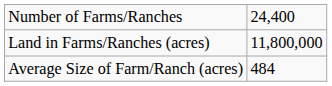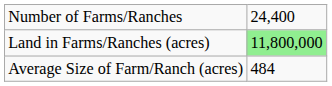 <table class="wikitable">
 <tr>
 <td>Number of Farms/Ranches</td>
 <td>24,400</td>
 </tr>
 <tr>
 <td>Land in Farms/Ranches (acres)</td>
-<td>11,800,000</td>
+<td style="background: lightgreen;">11,800,000</td>
 </tr>
 <tr>
 <td>Average Size of Farm/Ranch (acres)</td>
 <td>484</td>
 </tr>
 </table>
